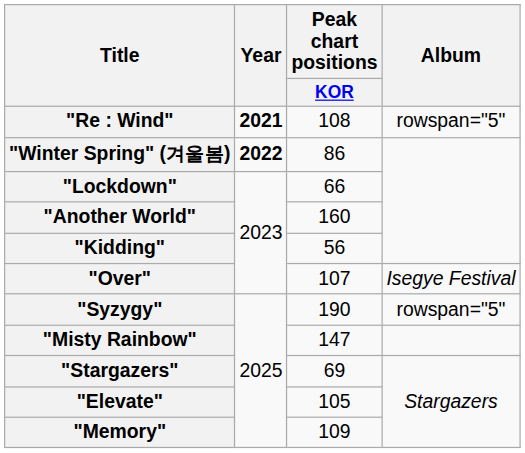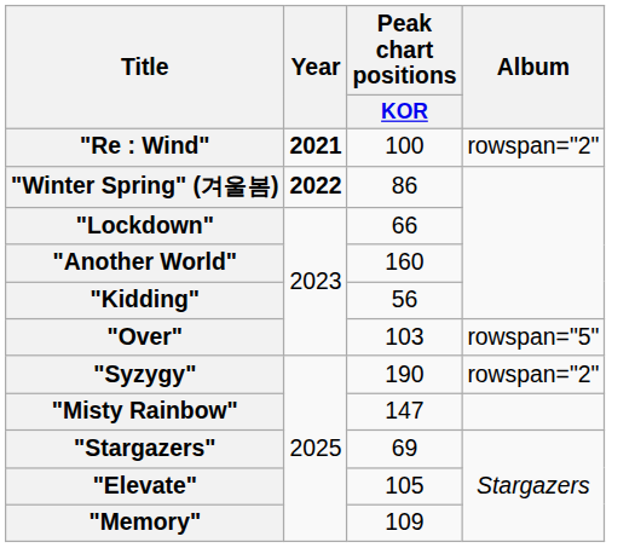 <table class="wikitable plainrowheaders" style="text-align:center;">
 <tr>
 <th scope="col" rowspan="2">Title</th>
 <th scope="col" rowspan="2">Year</th>
 <th scope="col">Peak chart positions</th>
 <th scope="col" rowspan="2">Album</th>
 </tr>
 <tr>
 <th scope="col" style="width:2.5em;font-size:90%;"><a href='#'>KOR</a><br></th>
 </tr>
 <tr>
 <th scope="row">"Re : Wind"</th>
 <td><strong>2021</strong></td>
-<td>108</td>
-<td>rowspan="5" </td>
+<td>100</td>
+<td>rowspan="2" </td>
 </tr>
 <tr>
 <th scope="row">"Winter Spring" (겨울봄)</th>
 <td><strong>2022</strong></td>
 <td>86</td>
 </tr>
 <tr>
 <th scope="row">"Lockdown"</th>
 <td rowspan="4">2023</td>
 <td>66</td>
 </tr>
 <tr>
 <th scope="row">"Another World"</th>
 <td>160</td>
 </tr>
 <tr>
 <th scope="row">"Kidding"</th>
 <td>56</td>
 </tr>
 <tr>
 <th scope="row">"Over"</th>
-<td>107</td>
-<td><em>Isegye Festival</em></td>
+<td>103</td>
+<td>rowspan="5" </td>
 </tr>
 <tr>
 <th scope="row">"Syzygy"</th>
 <td rowspan="5">2025</td>
 <td>190</td>
-<td>rowspan="5" </td>
+<td>rowspan="2" </td>
 </tr>
 <tr>
 <th scope="row">"Misty Rainbow"</th>
 <td>147</td>
 </tr>
 <tr>
 <th scope="row">"Stargazers"</th>
 <td>69</td>
 <td rowspan="3"><em>Stargazers</em></td>
 </tr>
 <tr>
 <th scope="row">"Elevate"</th>
 <td>105</td>
 </tr>
 <tr>
 <th scope="row">"Memory"</th>
 <td>109</td>
 </tr>
 </table>
